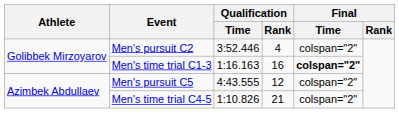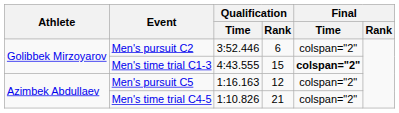 <table class=wikitable style=font-size:95%;text-align:center>
 <tr>
 <th rowspan="2">Athlete</th>
 <th rowspan="2">Event</th>
 <th colspan="2">Qualification</th>
 <th colspan="2">Final</th>
 </tr>
 <tr>
 <th>Time</th>
 <th>Rank</th>
 <th>Time</th>
 <th>Rank</th>
 </tr>
 <tr align="center">
 <td rowspan="2" align="left"><a href='#'>Golibbek Mirzoyarov</a></td>
 <td align="left"><a href='#'>Men's pursuit C2</a></td>
 <td>3:52.446</td>
-<td>4</td>
+<td>6</td>
 <td>colspan="2" </td>
 </tr>
 <tr align="center">
 <td align="left"><a href='#'>Men's time trial C1-3</a></td>
-<td>1:16.163</td>
-<td>16</td>
+<td>4:43.555</td>
+<td>15</td>
 <td><strong>colspan="2" </strong></td>
 </tr>
 <tr align="center">
 <td rowspan="2" align="left"><a href='#'>Azimbek Abdullaev</a></td>
 <td align="left"><a href='#'>Men's pursuit C5</a></td>
-<td>4:43.555</td>
+<td>1:16.163</td>
 <td>12</td>
 <td>colspan="2" </td>
 </tr>
 <tr align="center">
 <td align="left"><a href='#'>Men's time trial C4-5</a></td>
 <td>1:10.826</td>
 <td>21</td>
 <td>colspan="2" </td>
 </tr>
 </table>
